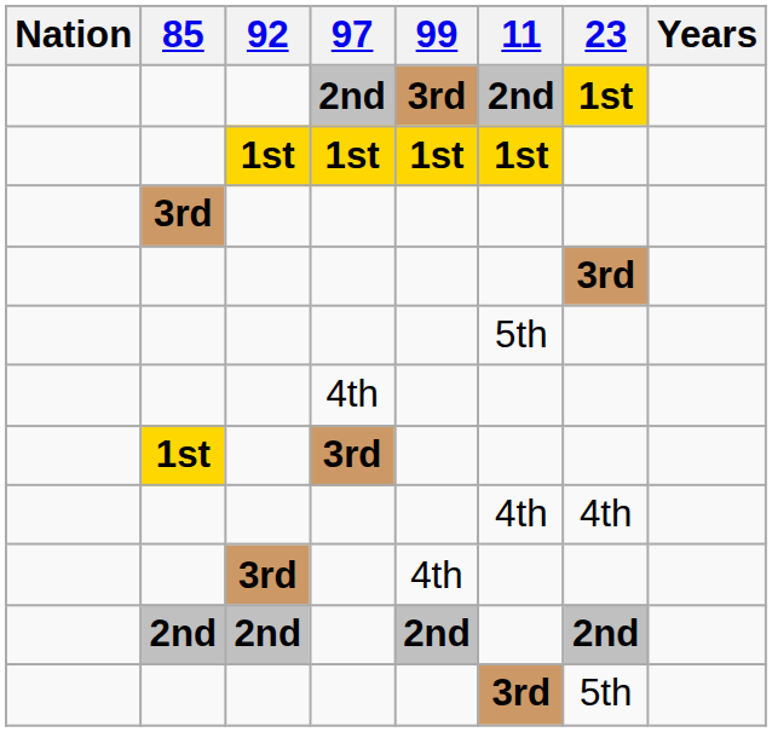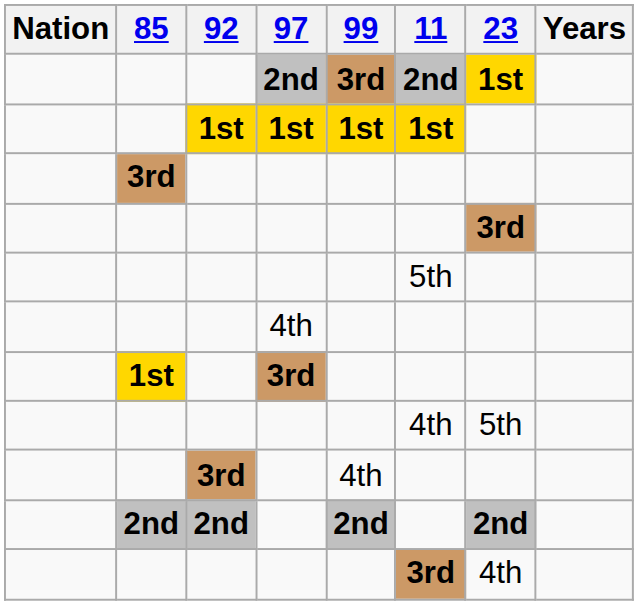 <table class="wikitable" style="text-align:center">
 <tr>
 <th>Nation</th>
 <th><a href='#'>85</a><br></th>
 <th><a href='#'>92</a><br></th>
 <th><a href='#'>97</a><br></th>
 <th><a href='#'>99</a><br></th>
 <th><a href='#'>11</a><br></th>
 <th><a href='#'>23</a><br></th>
 <th>Years</th>
 </tr>
 <tr>
 <td align=left></td>
 <td></td>
 <td></td>
 <td bgcolor=silver><strong>2nd</strong></td>
 <td bgcolor=#cc9966><strong>3rd</strong></td>
 <td bgcolor=silver><strong>2nd</strong></td>
 <td bgcolor=gold><strong>1st</strong></td>
 <td></td>
 </tr>
 <tr>
 <td align=left></td>
 <td></td>
 <td bgcolor=gold><strong>1st</strong></td>
 <td bgcolor=gold><strong>1st</strong></td>
 <td bgcolor=gold><strong>1st</strong></td>
 <td bgcolor=gold><strong>1st</strong></td>
 <td></td>
 <td></td>
 </tr>
 <tr>
 <td align=left></td>
 <td bgcolor=#cc9966><strong>3rd</strong></td>
 <td></td>
 <td></td>
 <td></td>
 <td></td>
 <td></td>
 <td></td>
 </tr>
 <tr>
 <td align=left></td>
 <td></td>
 <td></td>
 <td></td>
 <td></td>
 <td></td>
 <td bgcolor=#cc9966><strong>3rd</strong></td>
 <td></td>
 </tr>
 <tr>
 <td align=left></td>
 <td></td>
 <td></td>
 <td></td>
 <td></td>
 <td>5th</td>
 <td></td>
 <td></td>
 </tr>
 <tr>
 <td align=left></td>
 <td></td>
 <td></td>
 <td>4th</td>
 <td></td>
 <td></td>
 <td></td>
 <td></td>
 </tr>
 <tr>
 <td align=left></td>
 <td bgcolor=gold><strong>1st</strong></td>
 <td></td>
 <td bgcolor=#cc9966><strong>3rd</strong></td>
 <td></td>
 <td></td>
 <td></td>
 <td></td>
 </tr>
 <tr>
 <td align=left></td>
 <td></td>
 <td></td>
 <td></td>
 <td></td>
 <td>4th</td>
-<td>4th</td>
+<td>5th</td>
 <td></td>
 </tr>
 <tr>
 <td align=left></td>
 <td></td>
 <td bgcolor=#cc9966><strong>3rd</strong></td>
 <td></td>
 <td>4th</td>
 <td></td>
 <td></td>
 </tr>
 <tr>
 <td align=left></td>
 <td bgcolor=silver><strong>2nd</strong></td>
 <td bgcolor=silver><strong>2nd</strong></td>
 <td></td>
 <td bgcolor=silver><strong>2nd</strong></td>
 <td></td>
 <td bgcolor=silver><strong>2nd</strong></td>
 <td></td>
 </tr>
 <tr>
 <td align=left></td>
 <td></td>
 <td></td>
 <td></td>
 <td></td>
 <td bgcolor=#cc9966><strong>3rd</strong></td>
-<td>5th</td>
+<td>4th</td>
 <td></td>
 </tr>
 </table>
